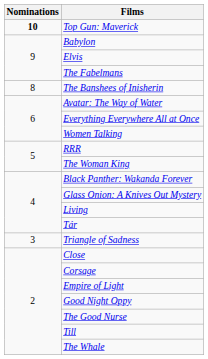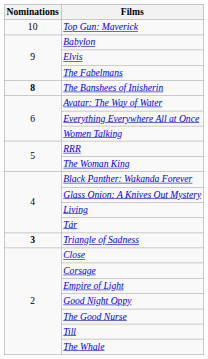 <table class="wikitable">
 <tr>
 <th>Nominations</th>
 <th>Films</th>
 </tr>
 <tr>
-<td style="text-align:center"><strong>10</strong></td>
+<td style="text-align:center">10</td>
 <td><em><a href='#'>Top Gun: Maverick</a></em></td>
 </tr>
 <tr>
 <td rowspan="3" style="text-align:center">9</td>
 <td><em><a href='#'>Babylon</a></em></td>
 </tr>
 <tr>
 <td><em><a href='#'>Elvis</a></em></td>
 </tr>
 <tr>
 <td><em><a href='#'>The Fabelmans</a></em></td>
 </tr>
 <tr>
-<td style="text-align:center">8</td>
+<td style="text-align:center"><strong>8</strong></td>
 <td><em><a href='#'>The Banshees of Inisherin</a></em></td>
 </tr>
 <tr>
 <td rowspan="3" style="text-align:center">6</td>
 <td><em><a href='#'>Avatar: The Way of Water</a></em></td>
 </tr>
 <tr>
 <td><em><a href='#'>Everything Everywhere All at Once</a></em></td>
 </tr>
 <tr>
 <td><em><a href='#'>Women Talking</a></em></td>
 </tr>
 <tr>
 <td rowspan="2" style="text-align:center">5</td>
 <td><em><a href='#'>RRR</a></em></td>
 </tr>
 <tr>
 <td><em><a href='#'>The Woman King</a></em></td>
 </tr>
 <tr>
 <td rowspan="4" style="text-align:center">4</td>
 <td><em><a href='#'>Black Panther: Wakanda Forever</a></em></td>
 </tr>
 <tr>
 <td><em><a href='#'>Glass Onion: A Knives Out Mystery</a></em></td>
 </tr>
 <tr>
 <td><em><a href='#'>Living</a></em></td>
 </tr>
 <tr>
 <td><em><a href='#'>Tár</a></em></td>
 </tr>
 <tr>
-<td style="text-align:center">3</td>
+<td style="text-align:center"><strong>3</strong></td>
 <td><em><a href='#'>Triangle of Sadness</a></em></td>
 </tr>
 <tr>
 <td rowspan="7" style="text-align:center">2</td>
 <td><em><a href='#'>Close</a></em></td>
 </tr>
 <tr>
 <td><em><a href='#'>Corsage</a></em></td>
 </tr>
 <tr>
 <td><em><a href='#'>Empire of Light</a></em></td>
 </tr>
 <tr>
 <td><em><a href='#'>Good Night Oppy</a></em></td>
 </tr>
 <tr>
 <td><em><a href='#'>The Good Nurse</a></em></td>
 </tr>
 <tr>
 <td><em><a href='#'>Till</a></em></td>
 </tr>
 <tr>
 <td><em><a href='#'>The Whale</a></em></td>
 </tr>
 </table>
